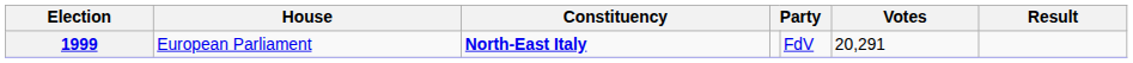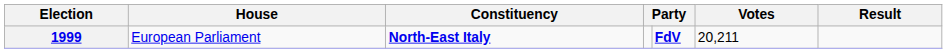 <table class=wikitable style="width:55%; border:1px #AAAAFF solid">
 <tr>
 <th width=12%>Election</th>
 <th width=25%>House</th>
 <th width=25%>Constituency</th>
 <th width=5% colspan="2">Party</th>
 <th width=12%>Votes</th>
 <th width=12%>Result</th>
 </tr>
 <tr>
 <th><a href='#'>1999</a></th>
 <td><a href='#'>European Parliament</a></td>
 <td><strong><a href='#'>North-East Italy</a></strong></td>
 <td></td>
-<td><a href='#'>FdV</a></td>
-<td>20,291</td>
+<td><strong><a href='#'>FdV</a></strong></td>
+<td>20,211</td>
 <td></td>
 </tr>
 <tr>
 </tr>
 </table>
